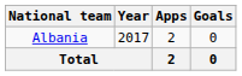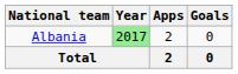 <table class="wikitable" style="text-align:center">
 <tr>
 <th>National team</th>
 <th>Year</th>
 <th>Apps</th>
 <th>Goals</th>
 </tr>
 <tr>
 <td><a href='#'>Albania</a></td>
-<td>2017</td>
+<td style="background: lightgreen;">2017</td>
 <td>2</td>
 <td>0</td>
 </tr>
 <tr>
 <th colspan="2">Total</th>
 <th>2</th>
 <th>0</th>
 </tr>
 </table>
